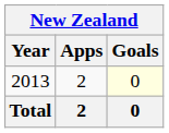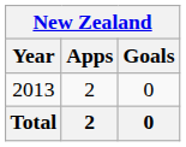 <table class="wikitable" style="text-align:center">
 <tr>
 <th colspan="3"><a href='#'>New Zealand</a></th>
 </tr>
 <tr>
 <th>Year</th>
 <th>Apps</th>
 <th>Goals</th>
 </tr>
 <tr>
 <td>2013</td>
 <td>2</td>
-<td style="background: lightyellow;">0</td>
+<td>0</td>
 </tr>
 <tr>
 <th>Total</th>
 <th>2</th>
 <th>0</th>
 </tr>
 </table>
